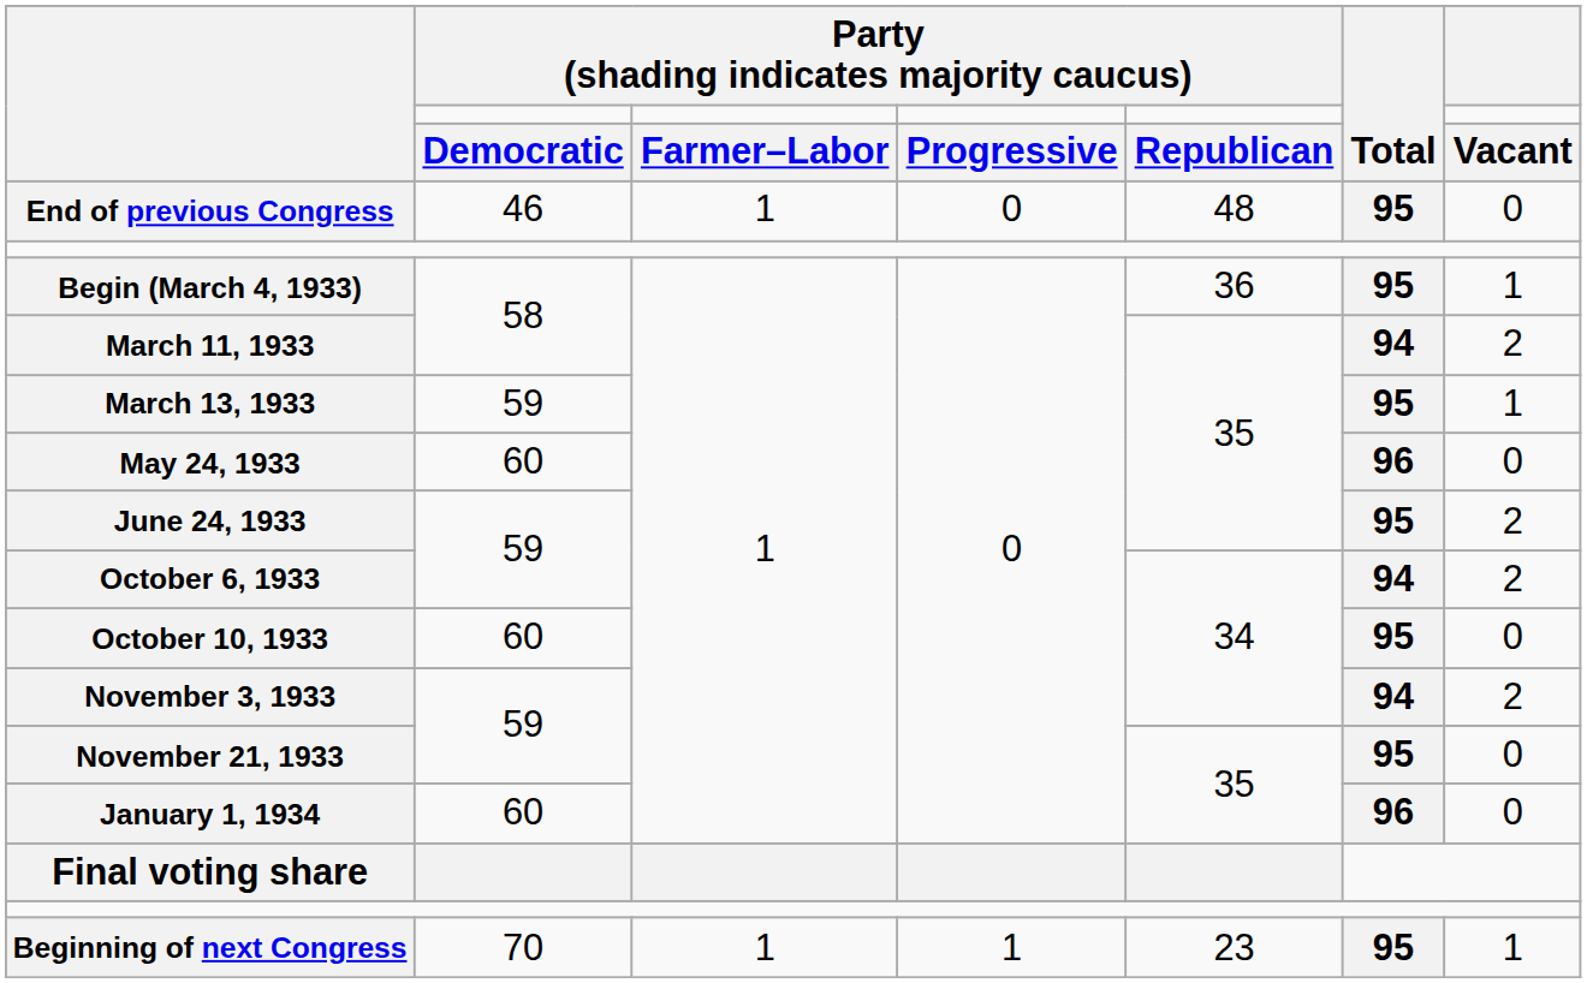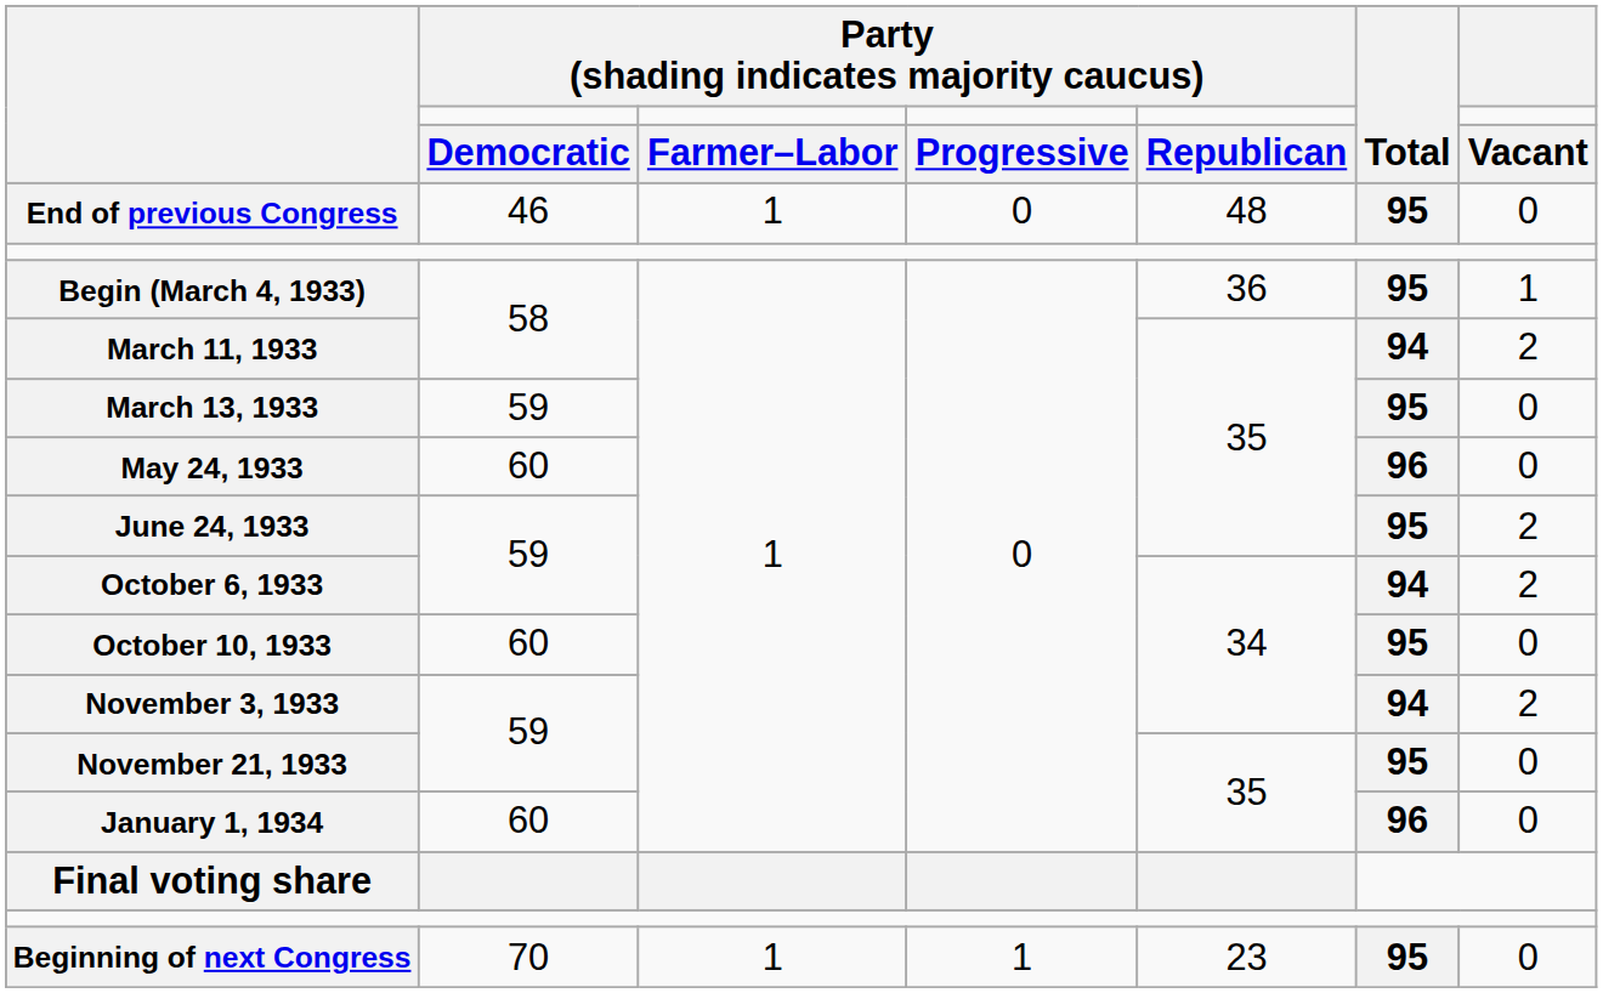 <table class=wikitable style="text-align:center">
 <tr style="vertical-align:bottom">
 <th rowspan=3></th>
 <th colspan=4>Party<div>(shading indicates majority caucus)</div></th>
 <th rowspan=3>Total</th>
 <th></th>
 </tr>
 <tr style="height:5px">
 <td style="background-color:"></td>
 <td style="background-color:"></td>
 <td style="background-color:"></td>
 <td style="background-color:"></td>
 <td style="background-color:"></td>
 </tr>
 <tr>
 <th><a href='#'>Democratic</a></th>
 <th><a href='#'>Farmer–Labor</a></th>
 <th><a href='#'>Progressive</a></th>
 <th><a href='#'>Republican</a></th>
 <th>Vacant</th>
 </tr>
 <tr>
 <th nowrap style="font-size:80%">End of <a href='#'>previous Congress</a></th>
 <td>46</td>
 <td>1</td>
 <td>0</td>
 <td>48</td>
 <th>95</th>
 <td>0</td>
 </tr>
 <tr>
 <td colspan=99></td>
 </tr>
 <tr>
 <th nowrap style="font-size:80%">Begin (March 4, 1933)</th>
 <td rowspan=2 >58</td>
 <td rowspan=10>1</td>
 <td rowspan=10>0</td>
 <td>36</td>
 <th>95</th>
 <td>1</td>
 </tr>
 <tr>
 <th nowrap style="font-size:80%">March 11, 1933</th>
 <td rowspan=4>35</td>
 <th>94</th>
 <td>2</td>
 </tr>
 <tr>
 <th nowrap style="font-size:80%">March 13, 1933</th>
 <td>59</td>
 <th>95</th>
-<td>1</td>
+<td>0</td>
 </tr>
 <tr>
 <th nowrap style="font-size:80%">May 24, 1933</th>
 <td>60</td>
 <th>96</th>
 <td>0</td>
 </tr>
 <tr>
 <th nowrap style="font-size:80%">June 24, 1933</th>
 <td rowspan=2 >59</td>
 <th>95</th>
 <td>2</td>
 </tr>
 <tr>
 <th nowrap style="font-size:80%">October 6, 1933</th>
 <td rowspan=3>34</td>
 <th>94</th>
 <td>2</td>
 </tr>
 <tr>
 <th nowrap style="font-size:80%">October 10, 1933</th>
 <td>60</td>
 <th>95</th>
 <td>0</td>
 </tr>
 <tr>
 <th nowrap style="font-size:80%">November 3, 1933</th>
 <td rowspan=2 >59</td>
 <th>94</th>
 <td>2</td>
 </tr>
 <tr>
 <th nowrap style="font-size:80%">November 21, 1933</th>
 <td rowspan=2>35</td>
 <th>95</th>
 <td>0</td>
 </tr>
 <tr>
 <th nowrap style="font-size:80%">January 1, 1934</th>
 <td>60</td>
 <th>96</th>
 <td>0</td>
 </tr>
 <tr>
 <th>Final voting share</th>
 <th></th>
 <th></th>
 <th></th>
 <th></th>
 <td colspan=2></td>
 </tr>
 <tr>
 <td colspan=99></td>
 </tr>
 <tr>
 <th nowrap style="font-size:80%">Beginning of <a href='#'>next Congress</a></th>
 <td>70</td>
 <td>1</td>
 <td>1</td>
 <td>23</td>
 <th>95</th>
-<td>1</td>
+<td>0</td>
 </tr>
 </table>
